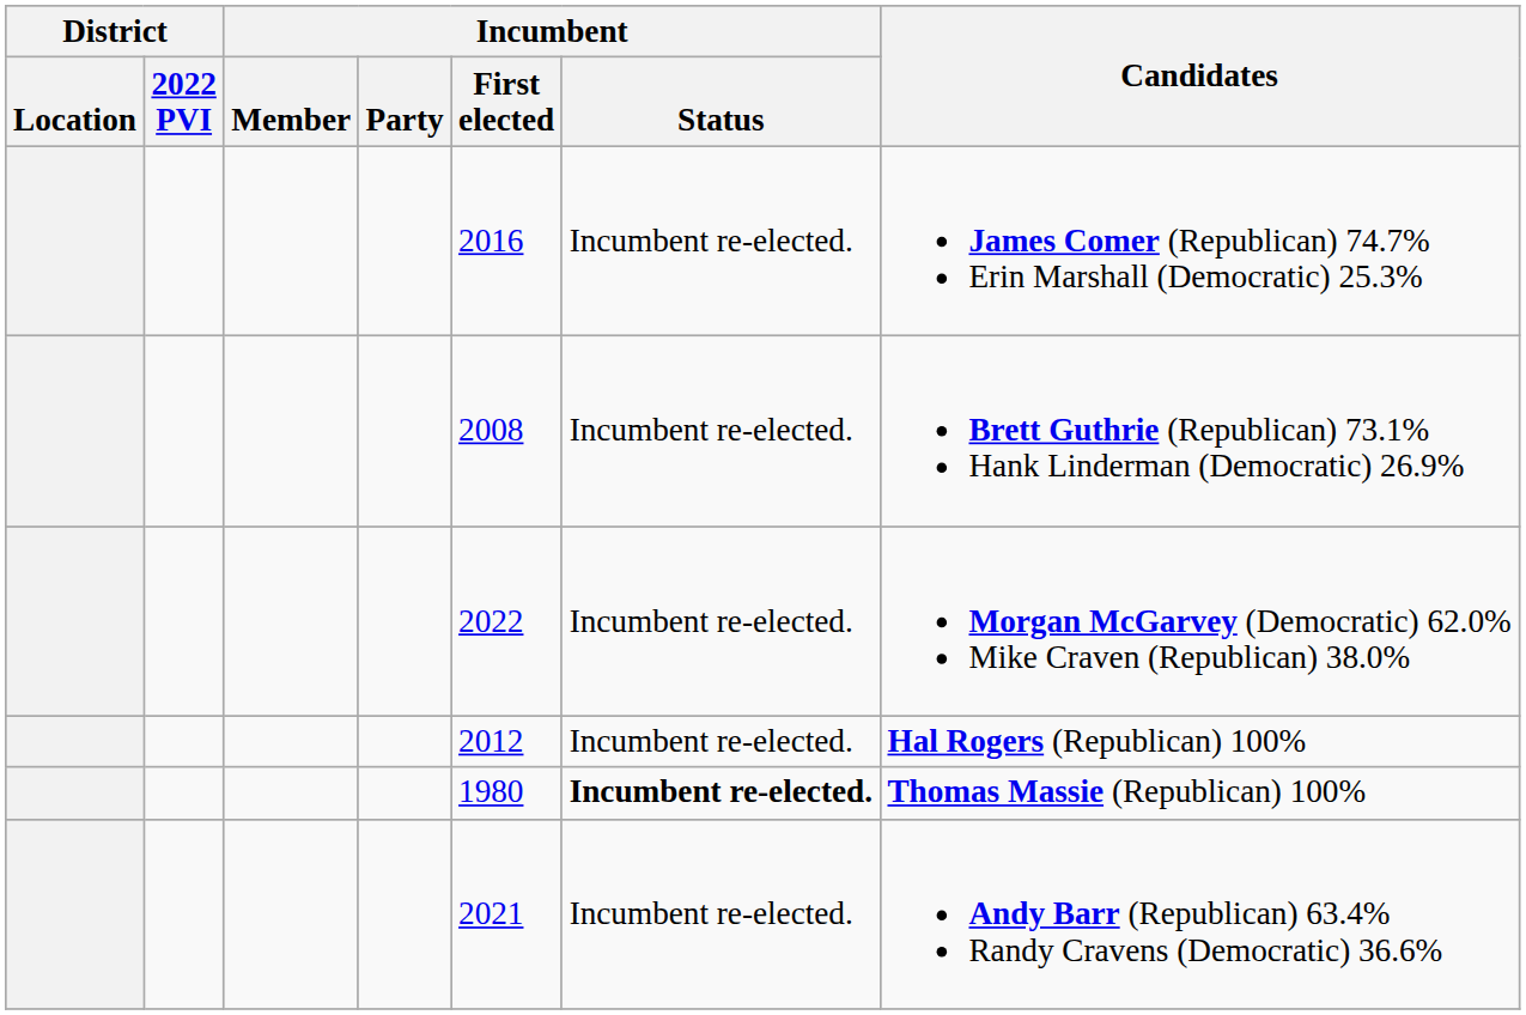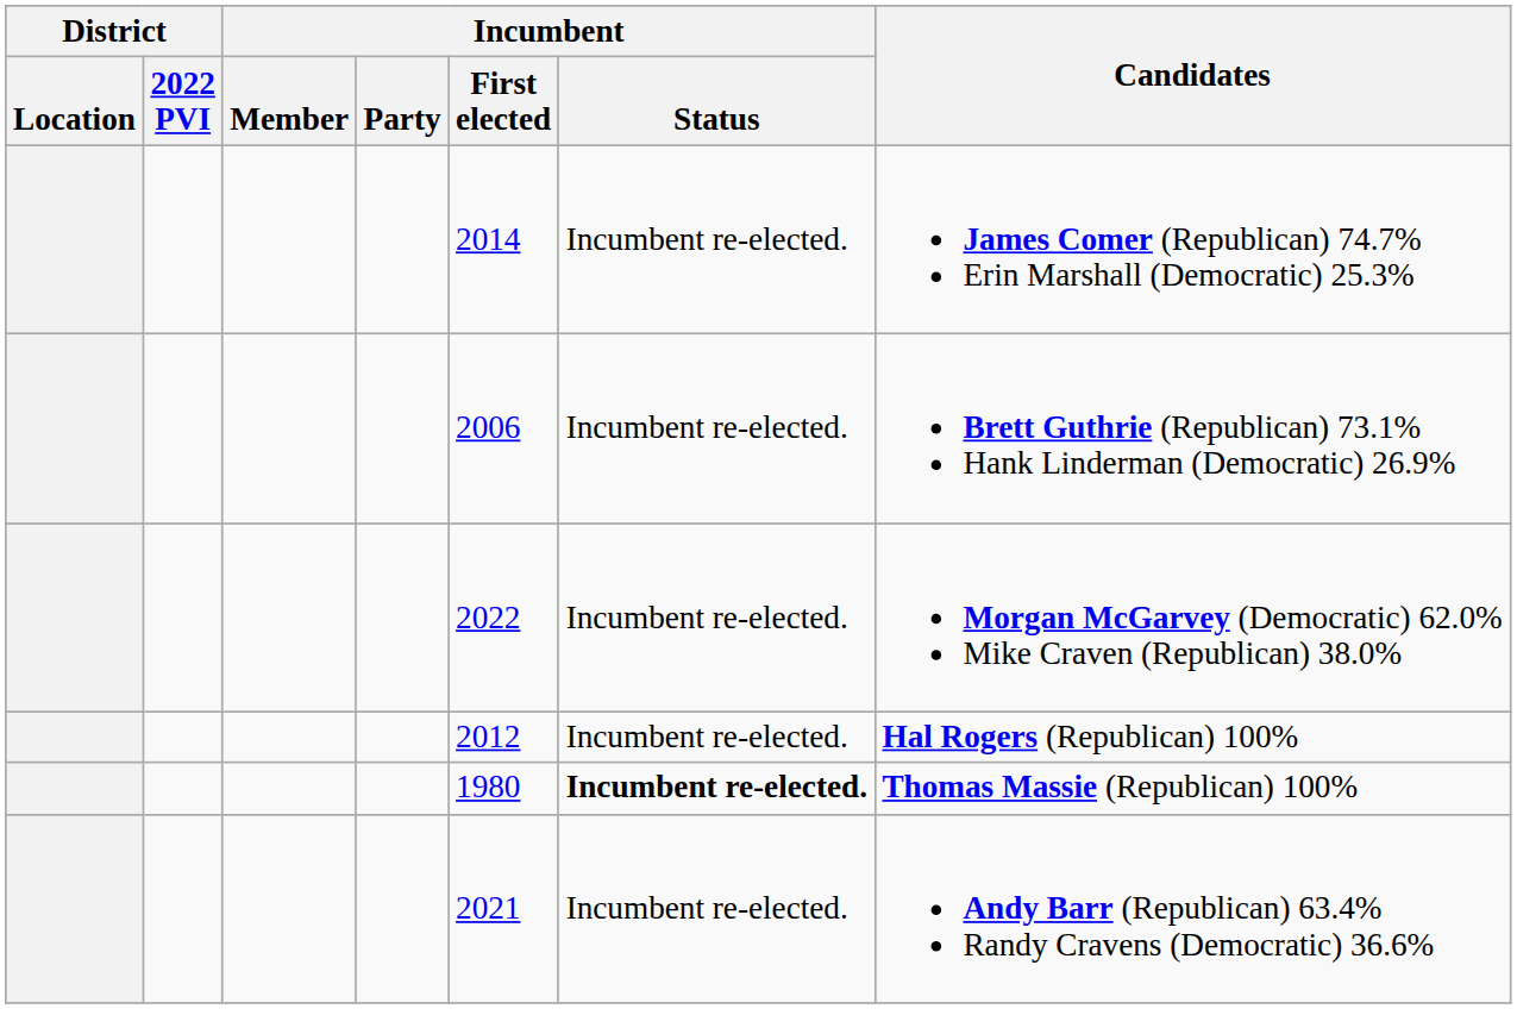 <table class="wikitable sortable">
 <tr>
 <th colspan=2>District</th>
 <th colspan=4>Incumbent</th>
 <th rowspan=2 class="unsortable">Candidates</th>
 </tr>
 <tr valign=bottom>
 <th>Location</th>
 <th><a href='#'>2022<br>PVI</a></th>
 <th>Member</th>
 <th>Party</th>
 <th>First<br>elected</th>
 <th>Status</th>
 </tr>
 <tr>
 <th></th>
 <td></td>
 <td></td>
 <td></td>
-<td><a href='#'>2016 </a></td>
+<td><a href='#'>2014 </a></td>
 <td>Incumbent re-elected.</td>
 <td nowrap><br><ul><li> <strong><a href='#'>James Comer</a></strong> (Republican) 74.7%</li><li>Erin Marshall (Democratic) 25.3%</li></ul></td>
 </tr>
 <tr>
 <th></th>
 <td></td>
 <td></td>
 <td></td>
-<td><a href='#'>2008</a></td>
+<td><a href='#'>2006</a></td>
 <td>Incumbent re-elected.</td>
 <td nowrap><br><ul><li> <strong><a href='#'>Brett Guthrie</a></strong> (Republican) 73.1%</li><li>Hank Linderman (Democratic) 26.9%</li></ul></td>
 </tr>
 <tr>
 <th></th>
 <td></td>
 <td></td>
 <td></td>
 <td><a href='#'>2022</a></td>
 <td>Incumbent re-elected.</td>
 <td nowrap><br><ul><li> <strong><a href='#'>Morgan McGarvey</a></strong> (Democratic) 62.0%</li><li>Mike Craven (Republican) 38.0%</li></ul></td>
 </tr>
 <tr>
 <th></th>
 <td></td>
 <td></td>
 <td></td>
 <td><a href='#'>2012 </a></td>
 <td>Incumbent re-elected.</td>
 <td nowrap> <strong><a href='#'>Hal Rogers</a></strong> (Republican) 100%</td>
 </tr>
 <tr>
 <th></th>
 <td></td>
 <td></td>
 <td></td>
 <td><a href='#'>1980</a></td>
 <td><strong>Incumbent re-elected.</strong></td>
 <td nowrap> <strong><a href='#'>Thomas Massie</a></strong> (Republican) 100%</td>
 </tr>
 <tr>
 <th></th>
 <td></td>
 <td></td>
 <td></td>
 <td><a href='#'>2021</a></td>
 <td>Incumbent re-elected.</td>
 <td nowrap><br><ul><li> <strong><a href='#'>Andy Barr</a></strong> (Republican) 63.4%</li><li>Randy Cravens (Democratic) 36.6%</li></ul></td>
 </tr>
 </table>
